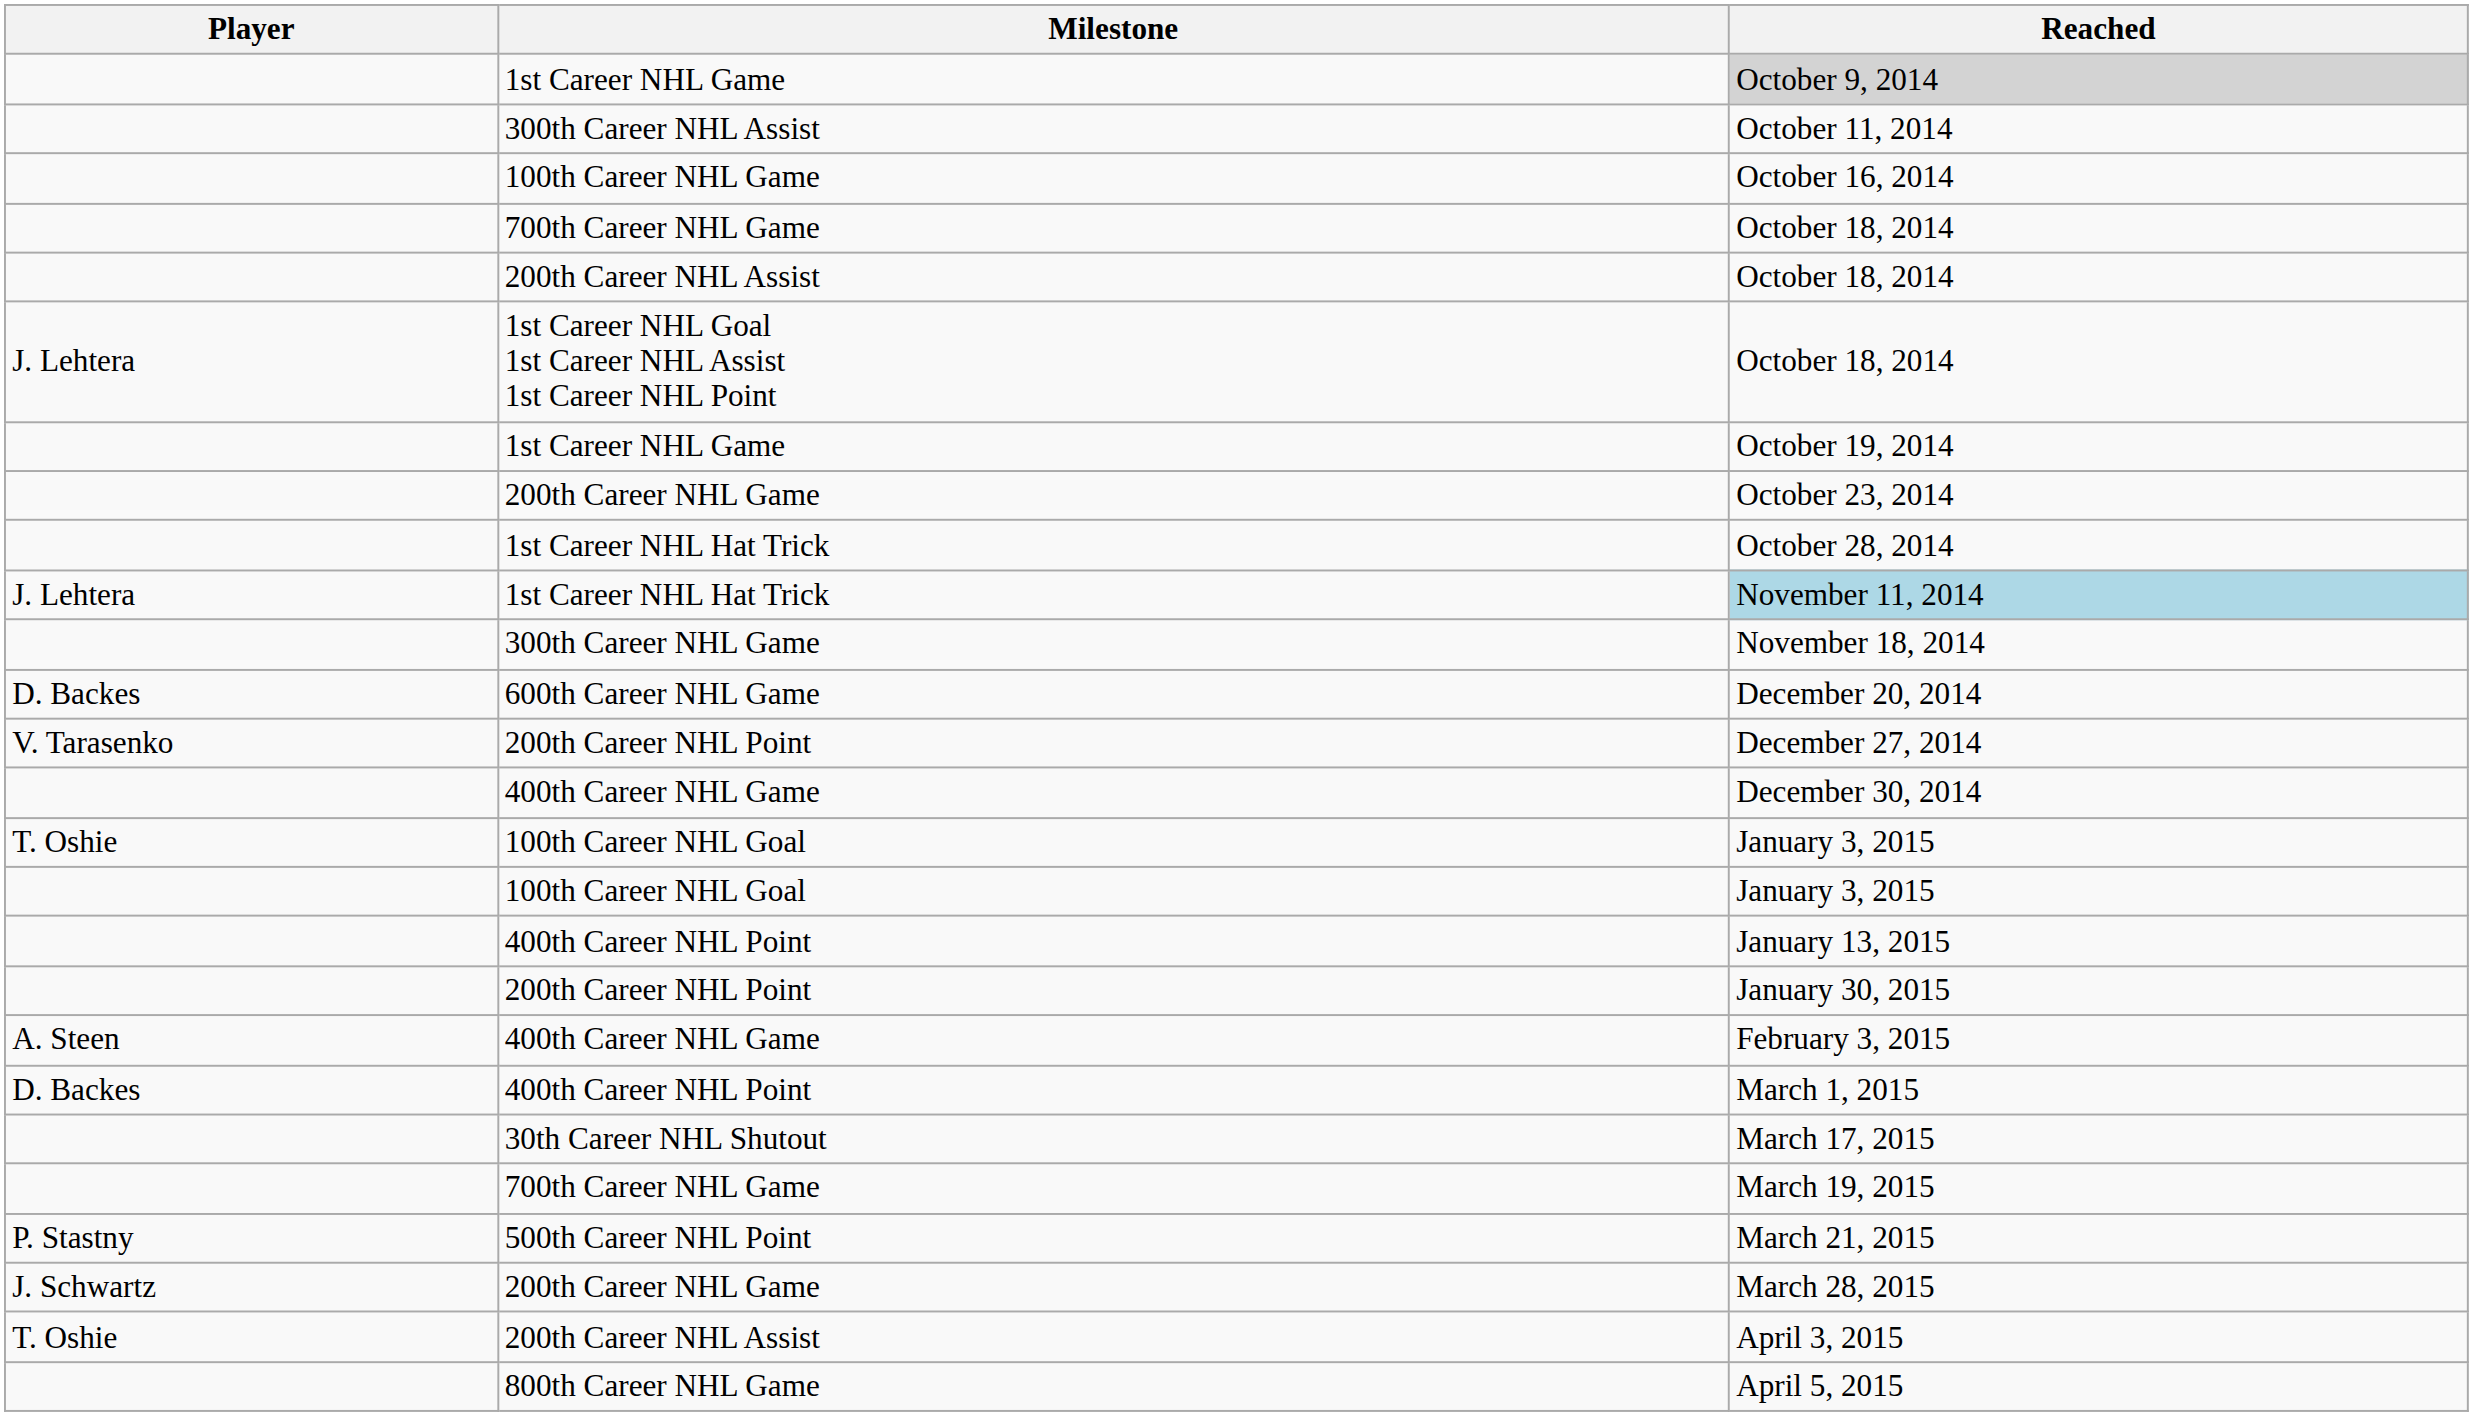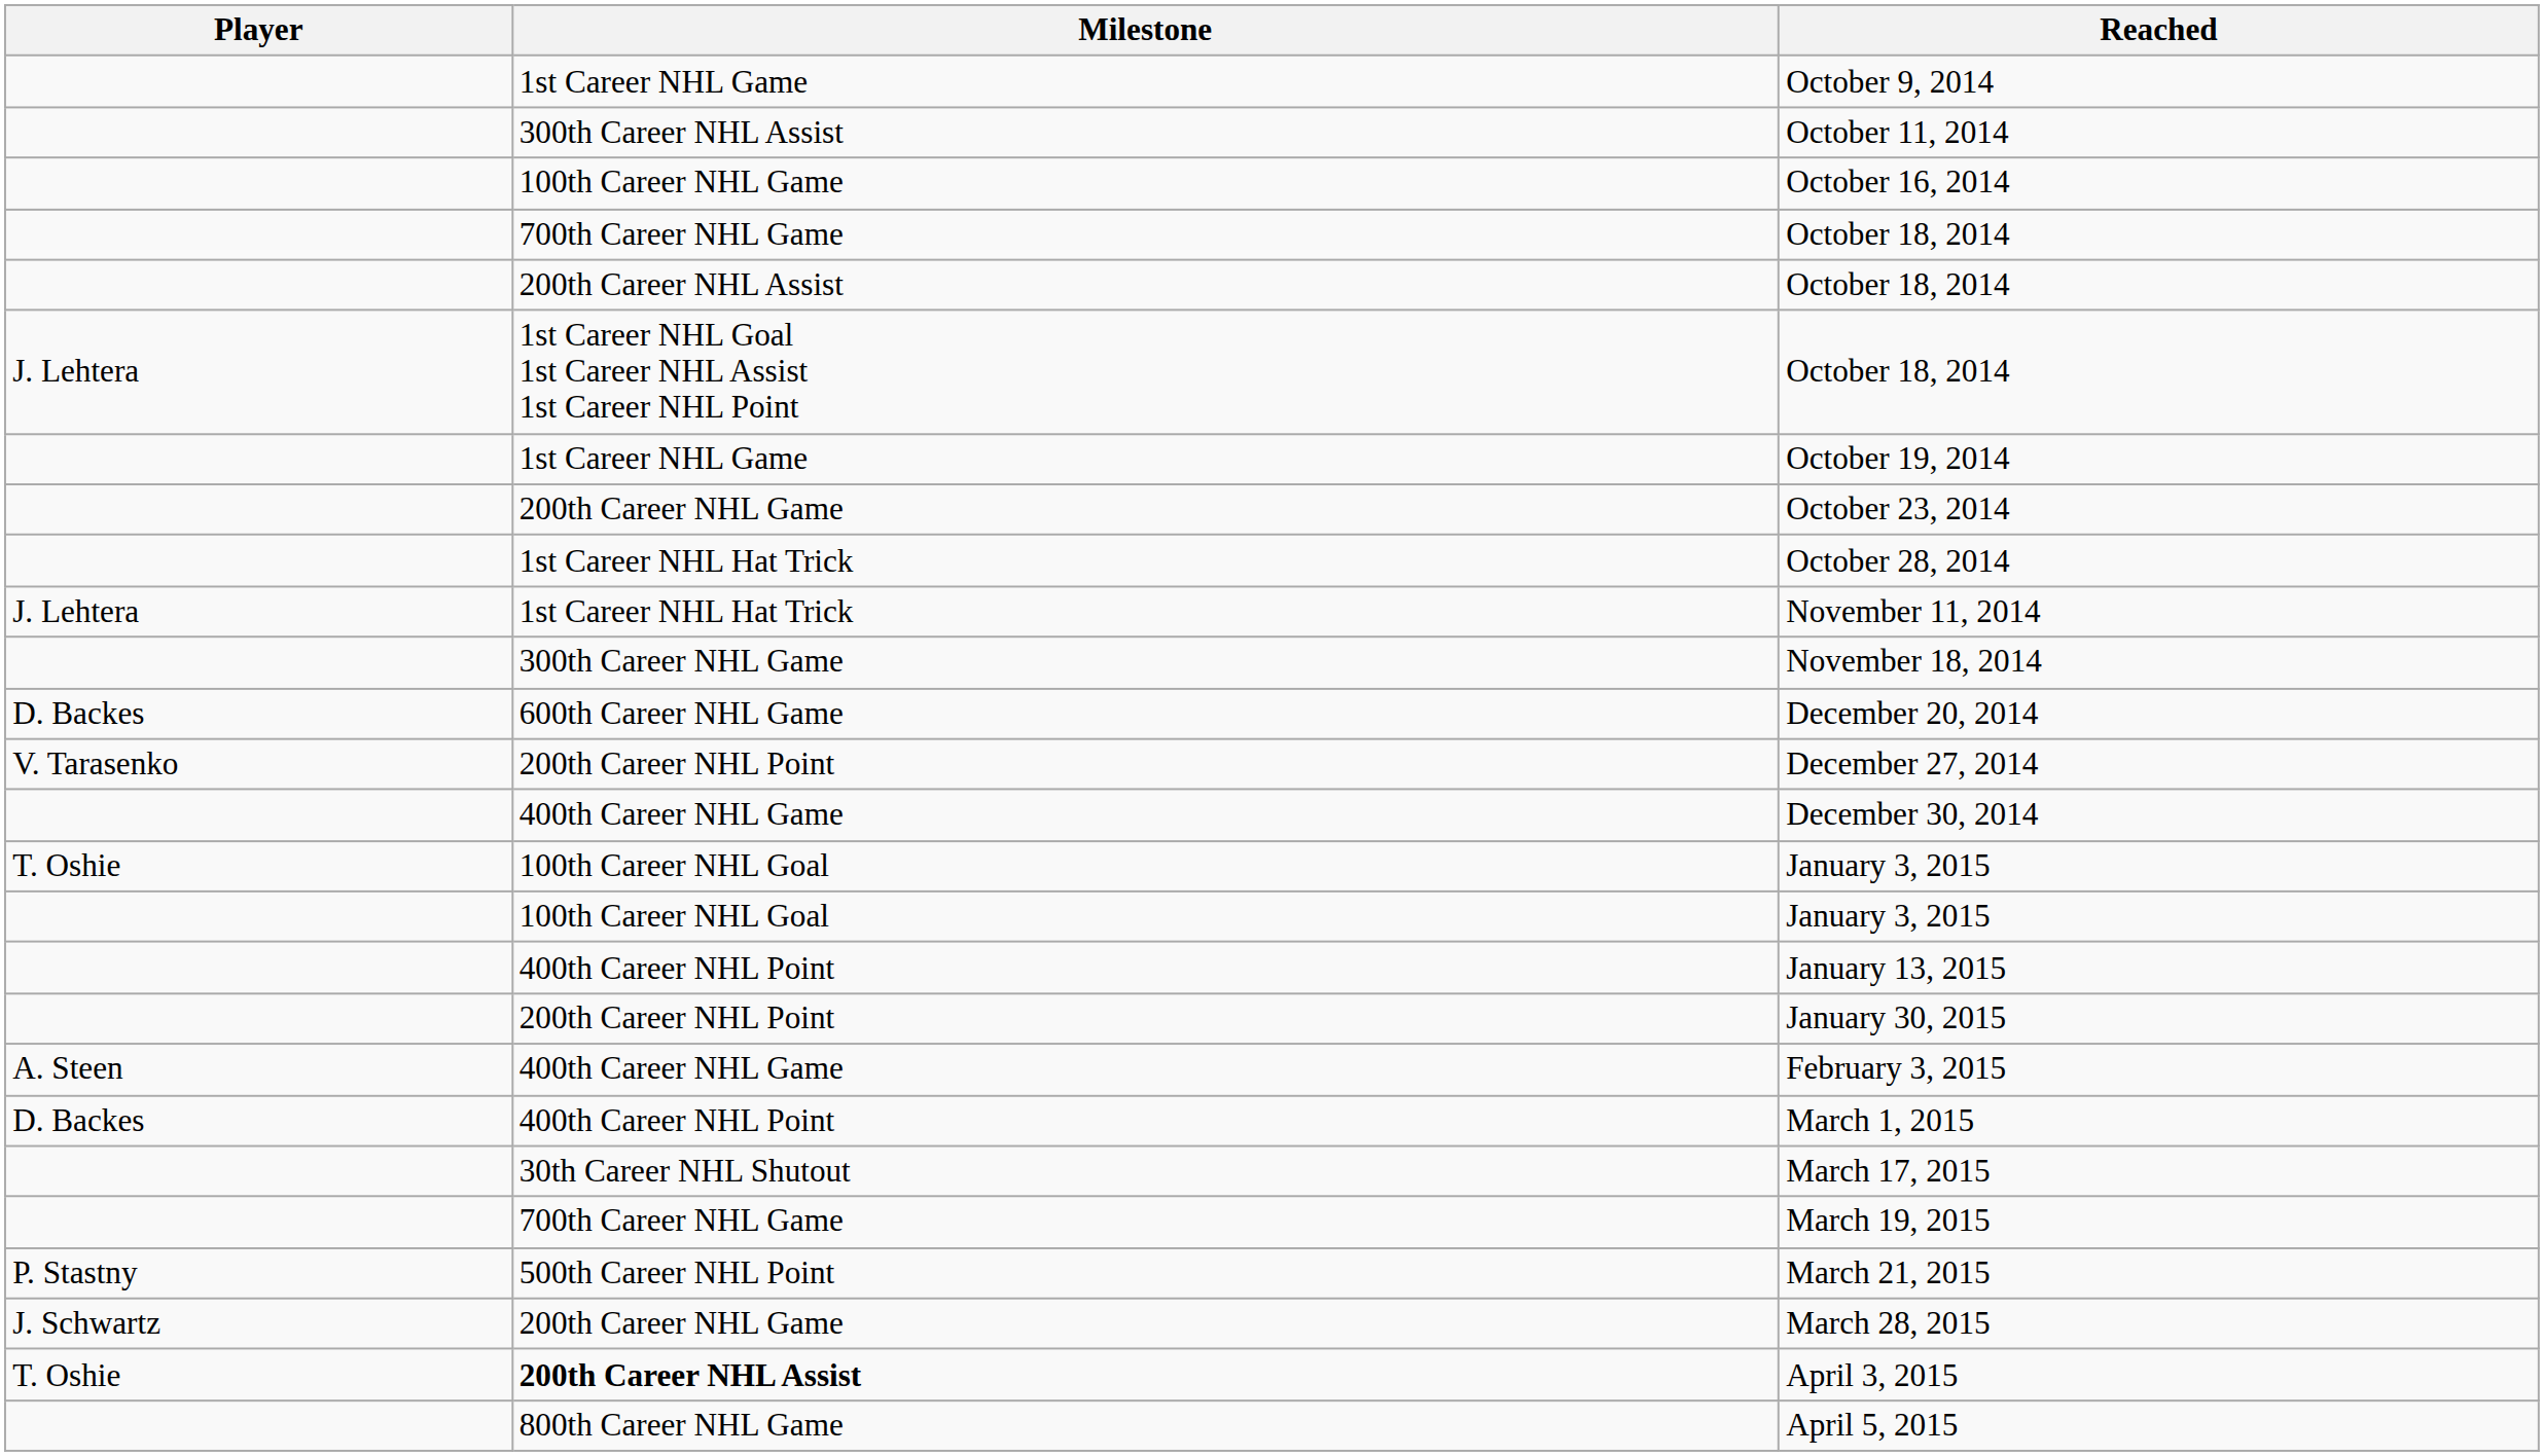 <table class="wikitable sortable" style="width:100%;">
 <tr align=center>
 <th style="width:20%;">Player</th>
 <th style="width:50%;">Milestone</th>
 <th style="width:30%;" data-sort-type="date">Reached</th>
 </tr>
 <tr>
 <td></td>
 <td>1st Career NHL Game</td>
-<td style="background: lightgrey;">October 9, 2014</td>
+<td>October 9, 2014</td>
 </tr>
 <tr>
 <td></td>
 <td>300th Career NHL Assist</td>
 <td>October 11, 2014</td>
 </tr>
 <tr>
 <td></td>
 <td>100th Career NHL Game</td>
 <td>October 16, 2014</td>
 </tr>
 <tr>
 <td></td>
 <td>700th Career NHL Game</td>
 <td>October 18, 2014</td>
 </tr>
 <tr>
 <td></td>
 <td>200th Career NHL Assist</td>
 <td>October 18, 2014</td>
 </tr>
 <tr>
 <td>J. Lehtera</td>
 <td>1st Career NHL Goal<br>1st Career NHL Assist<br>1st Career NHL Point</td>
 <td>October 18, 2014</td>
 </tr>
 <tr>
 <td></td>
 <td>1st Career NHL Game</td>
 <td>October 19, 2014</td>
 </tr>
 <tr>
 <td></td>
 <td>200th Career NHL Game</td>
 <td>October 23, 2014</td>
 </tr>
 <tr>
 <td></td>
 <td>1st Career NHL Hat Trick</td>
 <td>October 28, 2014</td>
 </tr>
 <tr>
 <td>J. Lehtera</td>
 <td>1st Career NHL Hat Trick</td>
-<td style="background: lightblue;">November 11, 2014</td>
+<td>November 11, 2014</td>
 </tr>
 <tr>
 <td></td>
 <td>300th Career NHL Game</td>
 <td>November 18, 2014</td>
 </tr>
 <tr>
 <td>D. Backes</td>
 <td>600th Career NHL Game</td>
 <td>December 20, 2014</td>
 </tr>
 <tr>
 <td>V. Tarasenko</td>
 <td>200th Career NHL Point</td>
 <td>December 27, 2014</td>
 </tr>
 <tr>
 <td></td>
 <td>400th Career NHL Game</td>
 <td>December 30, 2014</td>
 </tr>
 <tr>
 <td>T. Oshie</td>
 <td>100th Career NHL Goal</td>
 <td>January 3, 2015</td>
 </tr>
 <tr>
 <td></td>
 <td>100th Career NHL Goal</td>
 <td>January 3, 2015</td>
 </tr>
 <tr>
 <td></td>
 <td>400th Career NHL Point</td>
 <td>January 13, 2015</td>
 </tr>
 <tr>
 <td></td>
 <td>200th Career NHL Point</td>
 <td>January 30, 2015</td>
 </tr>
 <tr>
 <td>A. Steen</td>
 <td>400th Career NHL Game</td>
 <td>February 3, 2015</td>
 </tr>
 <tr>
 <td>D. Backes</td>
 <td>400th Career NHL Point</td>
 <td>March 1, 2015</td>
 </tr>
 <tr>
 <td></td>
 <td>30th Career NHL Shutout</td>
 <td>March 17, 2015</td>
 </tr>
 <tr>
 <td></td>
 <td>700th Career NHL Game</td>
 <td>March 19, 2015</td>
 </tr>
 <tr>
 <td>P. Stastny</td>
 <td>500th Career NHL Point</td>
 <td>March 21, 2015</td>
 </tr>
 <tr>
 <td>J. Schwartz</td>
 <td>200th Career NHL Game</td>
 <td>March 28, 2015</td>
 </tr>
 <tr>
 <td>T. Oshie</td>
-<td>200th Career NHL Assist</td>
+<td><strong>200th Career NHL Assist</strong></td>
 <td>April 3, 2015</td>
 </tr>
 <tr>
 <td></td>
 <td>800th Career NHL Game</td>
 <td>April 5, 2015</td>
 </tr>
 </table>
